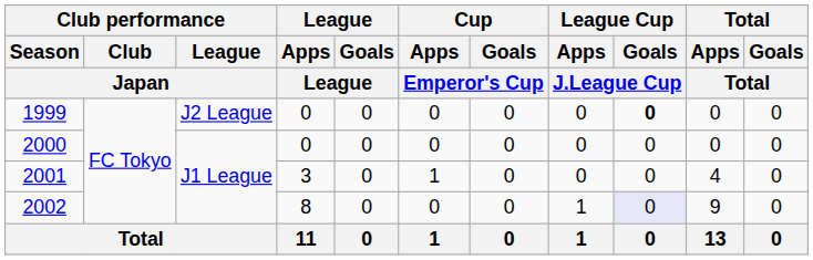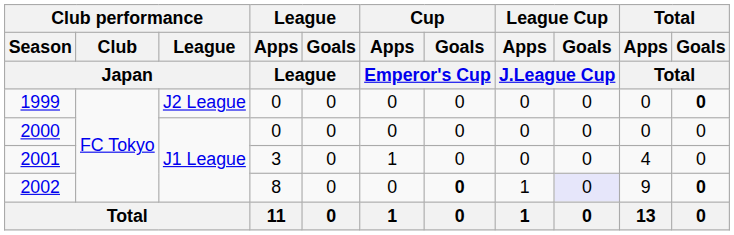 <table class="wikitable" style="text-align:center;">
 <tr>
 <th colspan=3>Club performance</th>
 <th colspan=2>League</th>
 <th colspan=2>Cup</th>
 <th colspan=2>League Cup</th>
 <th colspan=2>Total</th>
 </tr>
 <tr>
 <th>Season</th>
 <th>Club</th>
 <th>League</th>
 <th>Apps</th>
 <th>Goals</th>
 <th>Apps</th>
 <th>Goals</th>
 <th>Apps</th>
 <th>Goals</th>
 <th>Apps</th>
 <th>Goals</th>
 </tr>
 <tr>
 <th colspan=3>Japan</th>
 <th colspan=2>League</th>
 <th colspan=2><a href='#'>Emperor's Cup</a></th>
 <th colspan=2><a href='#'>J.League Cup</a></th>
 <th colspan=2>Total</th>
 </tr>
 <tr>
 <td><a href='#'>1999</a></td>
 <td rowspan="4"><a href='#'>FC Tokyo</a></td>
 <td><a href='#'>J2 League</a></td>
 <td>0</td>
 <td>0</td>
 <td>0</td>
 <td>0</td>
 <td>0</td>
-<td><strong>0</strong></td>
 <td>0</td>
 <td>0</td>
+<td><strong>0</strong></td>
 </tr>
 <tr>
 <td><a href='#'>2000</a></td>
 <td rowspan="3"><a href='#'>J1 League</a></td>
 <td>0</td>
 <td>0</td>
 <td>0</td>
 <td>0</td>
 <td>0</td>
 <td>0</td>
 <td>0</td>
 <td>0</td>
 </tr>
 <tr>
 <td><a href='#'>2001</a></td>
 <td>3</td>
 <td>0</td>
 <td>1</td>
 <td>0</td>
 <td>0</td>
 <td>0</td>
 <td>4</td>
 <td>0</td>
 </tr>
 <tr>
 <td><a href='#'>2002</a></td>
 <td>8</td>
 <td>0</td>
 <td>0</td>
-<td>0</td>
+<td><strong>0</strong></td>
 <td>1</td>
 <td style="background: lavender;">0</td>
 <td>9</td>
-<td>0</td>
+<td><strong>0</strong></td>
 </tr>
 <tr>
 <th colspan=3>Total</th>
 <th>11</th>
 <th>0</th>
 <th>1</th>
 <th>0</th>
 <th>1</th>
 <th>0</th>
 <th>13</th>
 <th>0</th>
 </tr>
 </table>
